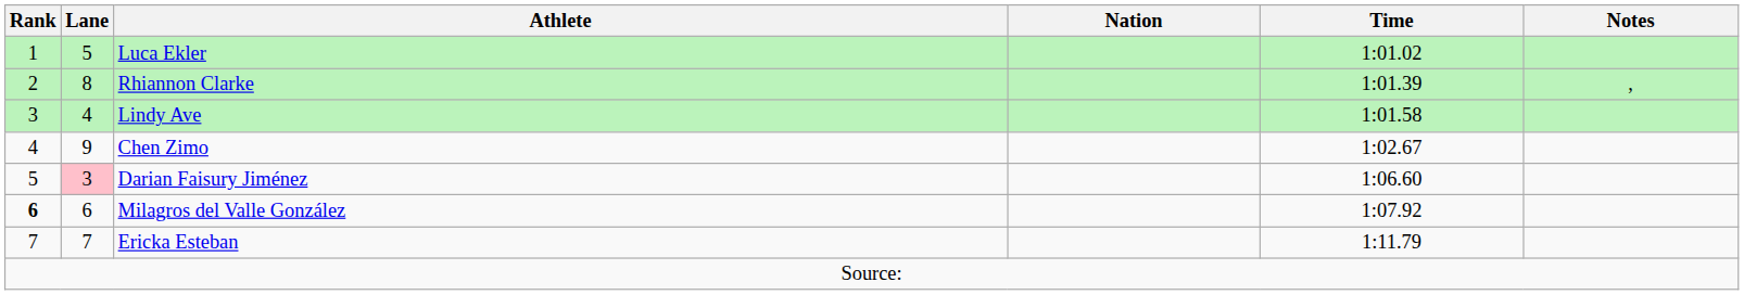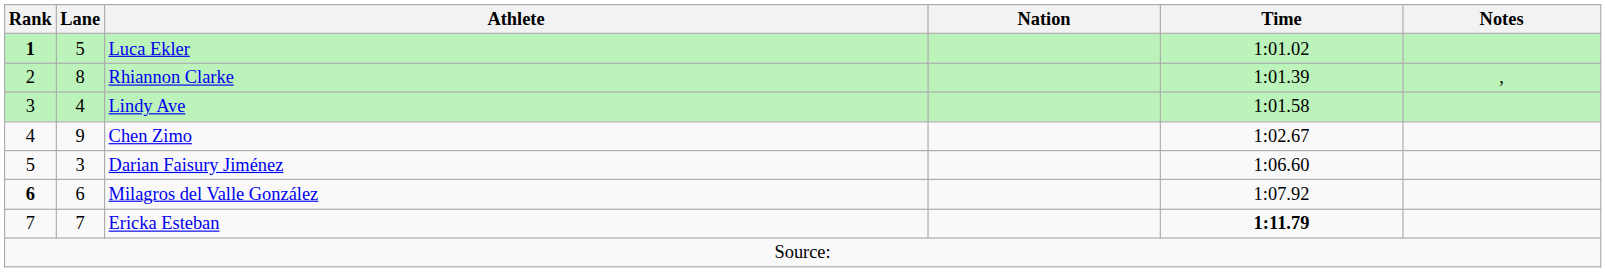 <table class="wikitable sortable" style="text-align:center;width: 70%;">
 <tr>
 <th scope="col" style="width: 10px;">Rank</th>
 <th scope="col" style="width: 10px;">Lane</th>
 <th scope="col">Athlete</th>
 <th scope="col">Nation</th>
 <th scope="col">Time</th>
 <th scope="col">Notes</th>
 </tr>
 <tr bgcolor=bbf3bb>
-<td>1</td>
+<td><strong>1</strong></td>
 <td>5</td>
 <td align=left><a href='#'>Luca Ekler</a></td>
 <td align=left></td>
 <td>1:01.02</td>
 <td></td>
 </tr>
 <tr bgcolor=bbf3bb>
 <td>2</td>
 <td>8</td>
 <td align=left><a href='#'>Rhiannon Clarke</a></td>
 <td align=left></td>
 <td>1:01.39</td>
 <td>, </td>
 </tr>
 <tr bgcolor=bbf3bb>
 <td>3</td>
 <td>4</td>
 <td align=left><a href='#'>Lindy Ave</a></td>
 <td align=left></td>
 <td>1:01.58</td>
 <td></td>
 </tr>
 <tr>
 <td>4</td>
 <td>9</td>
 <td align=left><a href='#'>Chen Zimo</a></td>
 <td align=left></td>
 <td>1:02.67</td>
 <td></td>
 </tr>
 <tr>
 <td>5</td>
-<td style="background: pink;">3</td>
+<td>3</td>
 <td align=left><a href='#'>Darian Faisury Jiménez</a></td>
 <td align=left></td>
 <td>1:06.60</td>
 <td></td>
 </tr>
 <tr>
 <td><strong>6</strong></td>
 <td>6</td>
 <td align=left><a href='#'>Milagros del Valle González</a></td>
 <td align=left></td>
 <td>1:07.92</td>
 <td></td>
 </tr>
 <tr>
 <td>7</td>
 <td>7</td>
 <td align=left><a href='#'>Ericka Esteban</a></td>
 <td align=left></td>
-<td>1:11.79</td>
+<td><strong>1:11.79</strong></td>
 <td></td>
 </tr>
 <tr class="sortbottom">
 <td colspan="6">Source:</td>
 </tr>
 </table>
